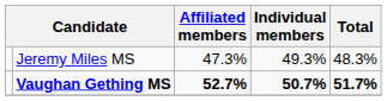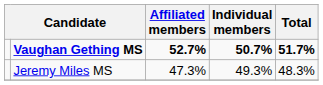 <table class="wikitable sortable" style="font-size: 95%;">
 <tr>
 <th colspan="2" scope="col">Candidate<br></th>
 <th scope="col"><a href='#'>Affiliated</a> <br> members<br></th>
 <th scope="col">Individual <br> members <br></th>
 <th scope="col">Total</th>
 </tr>
 <tr align="right">
 <td style="background-color: "></td>
+<td scope="row" align="left"><strong><a href='#'>Vaughan Gething</a> MS</strong></td>
+<td><strong>52.7%</strong></td>
+<td><strong>50.7%</strong></td>
+<td><strong>51.7%</strong></td>
+</tr>
+<tr align="right">
+<td style="background-color: "></td>
 <td scope="row" align="left"><a href='#'>Jeremy Miles</a> MS</td>
 <td>47.3%</td>
 <td>49.3%</td>
 <td>48.3%</td>
 </tr>
-<tr align="right">
-<td style="background-color: "></td>
-<td scope="row" align="left"><strong><a href='#'>Vaughan Gething</a> MS</strong></td>
-<td><strong>52.7%</strong></td>
-<td><strong>50.7%</strong></td>
-<td><strong>51.7%</strong></td>
-</tr>
 <tr>
 </tr>
 </table>
